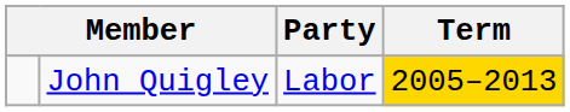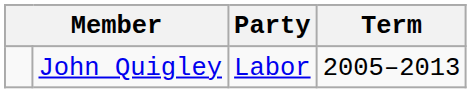 <table class="wikitable">
 <tr>
 <th colspan="2">Member</th>
 <th>Party</th>
 <th>Term</th>
 </tr>
 <tr>
 <td> </td>
 <td><a href='#'>John Quigley</a></td>
 <td><a href='#'>Labor</a></td>
-<td style="background: gold;">2005–2013</td>
+<td>2005–2013</td>
 </tr>
 </table>
